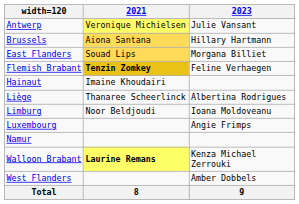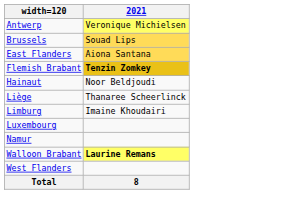 <table class="wikitable" style="font-size: 82%">
 <tr>
 <th>width=120 </th>
 <th ! width=130><a href='#'>2021</a></th>
-<th ! width=130><a href='#'>2023</a></th>
 </tr>
 <tr>
 <td> <a href='#'>Antwerp</a></td>
 <td bgcolor=#FFFF66>Veronique Michielsen</td>
-<td>Julie Vansant</td>
 </tr>
 <tr>
 <td> <a href='#'>Brussels</a></td>
-<td bgcolor=#FFDB58>Aiona Santana</td>
-<td>Hillary Hartmann</td>
+<td bgcolor=#FFDB58>Souad Lips</td>
 </tr>
 <tr>
 <td> <a href='#'>East Flanders</a></td>
-<td bgcolor=#FFDB58>Souad Lips</td>
-<td>Morgana Billiet</td>
+<td bgcolor=#FFDB58>Aiona Santana</td>
 </tr>
 <tr>
 <td> <a href='#'>Flemish Brabant</a></td>
 <td bgcolor=#EAC117><strong>Tenzin Zomkey</strong></td>
-<td>Feline Verhaegen</td>
 </tr>
 <tr>
 <td> <a href='#'>Hainaut</a></td>
-<td>Imaine Khoudairi</td>
-<td></td>
+<td>Noor Beldjoudi</td>
 </tr>
 <tr>
 <td> <a href='#'>Liège</a></td>
 <td>Thanaree Scheerlinck</td>
-<td>Albertina Rodrigues</td>
 </tr>
 <tr>
 <td> <a href='#'>Limburg</a></td>
-<td>Noor Beldjoudi</td>
-<td>Ioana Moldoveanu</td>
+<td>Imaine Khoudairi</td>
 </tr>
 <tr>
 <td> <a href='#'>Luxembourg</a></td>
 <td></td>
-<td>Angie Frimps</td>
 </tr>
 <tr>
 <td> <a href='#'>Namur</a></td>
-<td></td>
 <td></td>
 </tr>
 <tr>
 <td> <a href='#'>Walloon Brabant</a></td>
 <td bgcolor=#FFFF66><strong>Laurine Remans</strong></td>
-<td>Kenza Michael Zerrouki</td>
 </tr>
 <tr>
 <td> <a href='#'>West Flanders</a></td>
 <td></td>
-<td>Amber Dobbels</td>
 </tr>
 <tr>
 <th>Total</th>
 <th>8</th>
-<th>9</th>
 </tr>
 </table>
